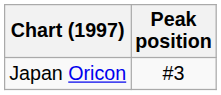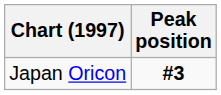 <table class="wikitable">
 <tr>
 <th align="left">Chart (1997)</th>
 <th align="center">Peak<br>position</th>
 </tr>
 <tr>
 <td align="left">Japan <a href='#'>Oricon</a></td>
-<td align="center">#3</td>
+<td align="center"><strong>#3</strong></td>
 </tr>
 </table>
